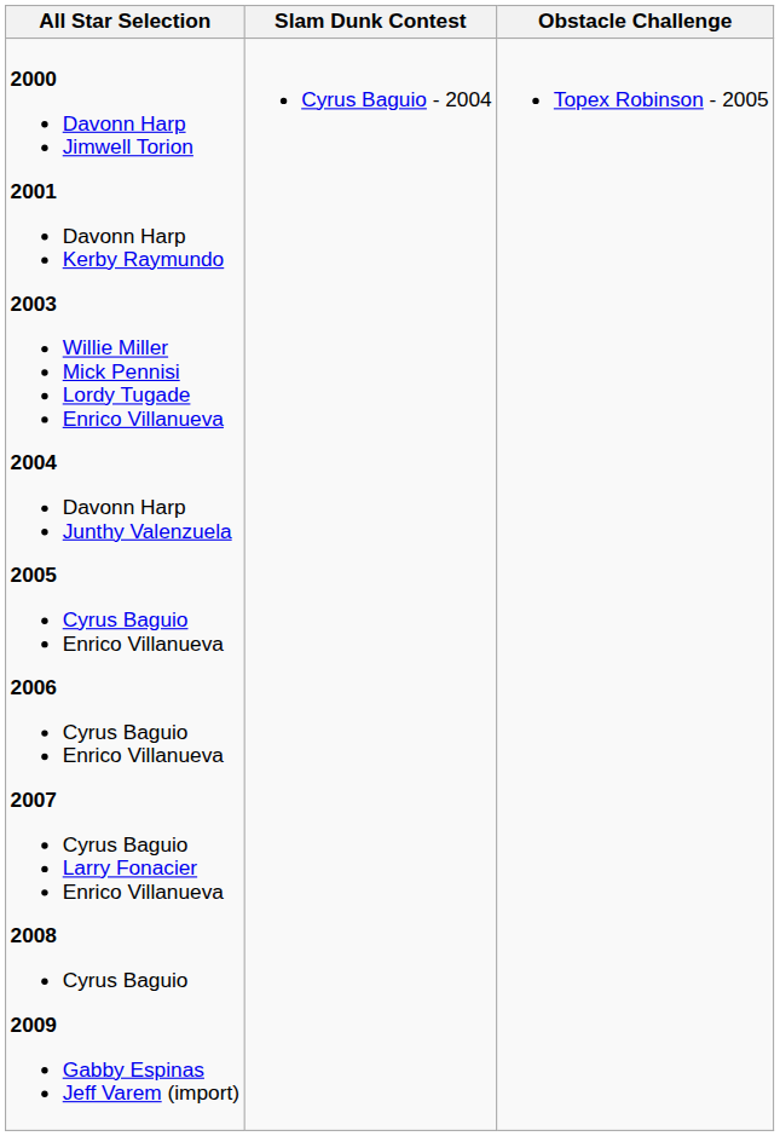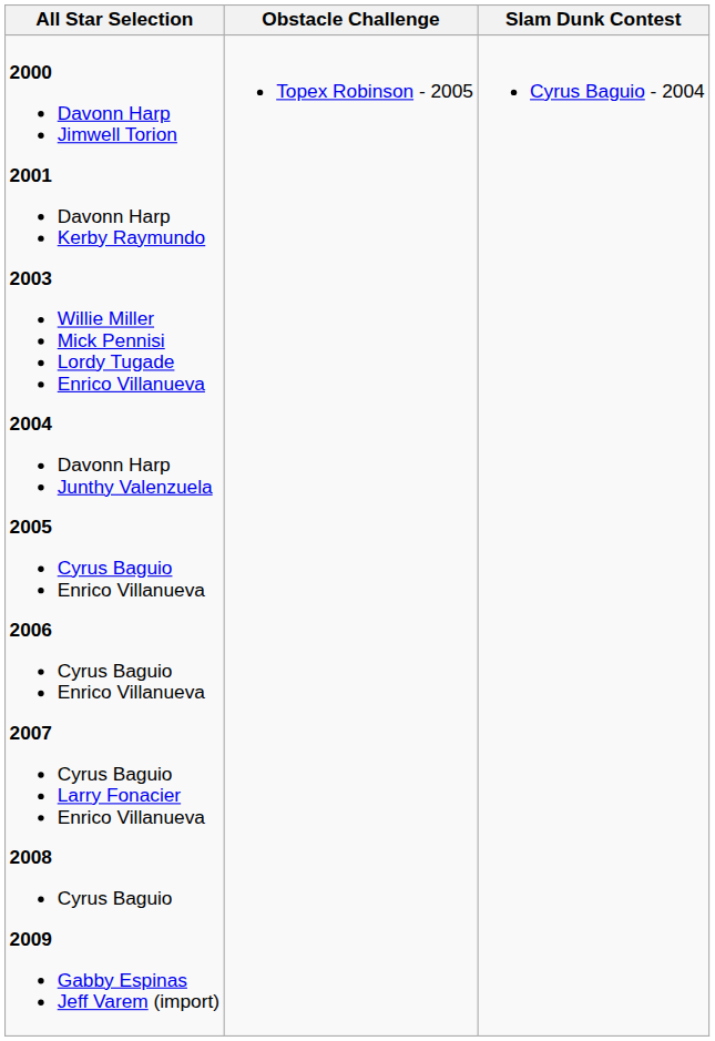 <table class=wikitable>
 <tr>
 <th>All Star Selection</th>
+<th>Obstacle Challenge</th>
 <th>Slam Dunk Contest</th>
-<th>Obstacle Challenge</th>
 </tr>
 <tr>
 <td valign="top"><br><strong>2000</strong><ul><li><a href='#'>Davonn Harp</a></li><li><a href='#'>Jimwell Torion</a></li></ul><strong>2001</strong><ul><li>Davonn Harp</li><li><a href='#'>Kerby Raymundo</a></li></ul><strong>2003</strong><ul><li><a href='#'>Willie Miller</a></li><li><a href='#'>Mick Pennisi</a></li><li><a href='#'>Lordy Tugade</a></li><li><a href='#'>Enrico Villanueva</a></li></ul><strong>2004</strong><ul><li>Davonn Harp</li><li><a href='#'>Junthy Valenzuela</a></li></ul><strong>2005</strong><ul><li><a href='#'>Cyrus Baguio</a></li><li>Enrico Villanueva</li></ul><strong>2006</strong><ul><li>Cyrus Baguio</li><li>Enrico Villanueva</li></ul><strong>2007</strong><ul><li>Cyrus Baguio</li><li><a href='#'>Larry Fonacier</a></li><li>Enrico Villanueva</li></ul><strong>2008</strong><ul><li>Cyrus Baguio</li></ul><strong>2009</strong><ul><li><a href='#'>Gabby Espinas</a></li><li><a href='#'>Jeff Varem</a> (import)</li></ul></td>
+<td valign="top"><br><ul><li><a href='#'>Topex Robinson</a> - 2005</li></ul></td>
 <td valign="top"><br><ul><li><a href='#'>Cyrus Baguio</a> - 2004</li></ul></td>
-<td valign="top"><br><ul><li><a href='#'>Topex Robinson</a> - 2005</li></ul></td>
 </tr>
 </table>
